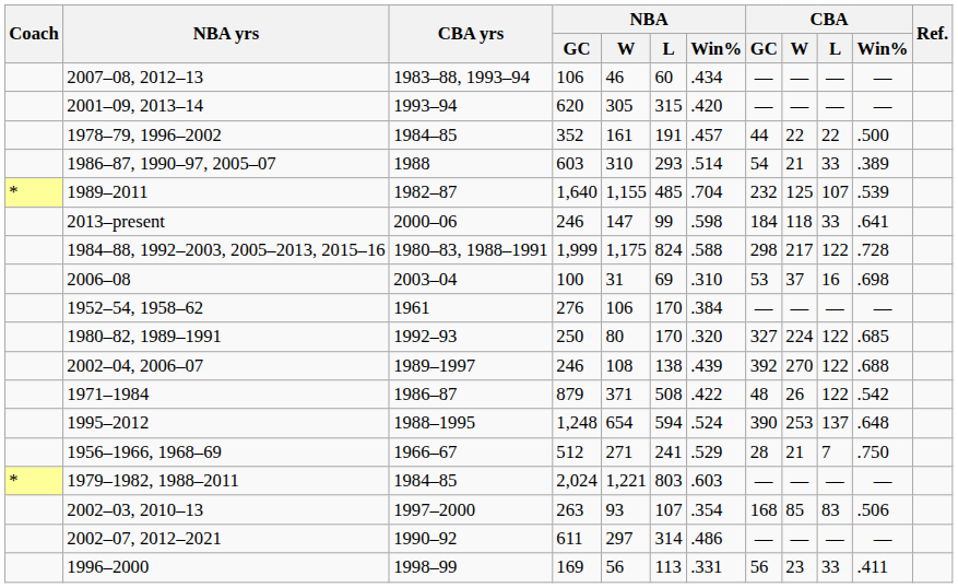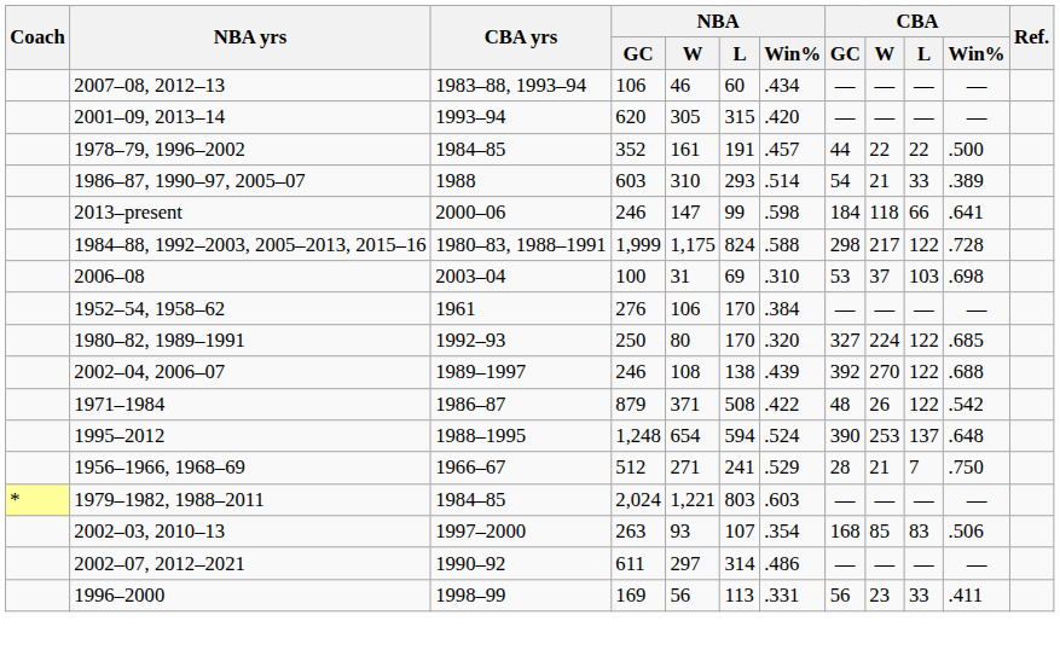 <table class="wikitable sortable">
 <tr>
 <th scope="col" rowspan="2">Coach</th>
 <th scope="col" rowspan="2">NBA yrs</th>
 <th scope="col" rowspan="2">CBA yrs</th>
 <th scope="col" colspan="4">NBA</th>
 <th scope="col" colspan="4">CBA</th>
 <th scope="col" rowspan="2" class="unsortable">Ref.</th>
 </tr>
 <tr>
 <th scope="col">GC</th>
 <th scope="col">W</th>
 <th scope="col">L</th>
 <th scope="col">Win%</th>
 <th scope="col">GC</th>
 <th scope="col">W</th>
 <th scope="col">L</th>
 <th scope="col">Win%</th>
 </tr>
 <tr>
 <td></td>
 <td>2007–08, 2012–13</td>
 <td>1983–88, 1993–94</td>
 <td>106</td>
 <td>46</td>
 <td>60</td>
 <td>.434</td>
 <td data-sort-value="0" style="text-align: center">—</td>
 <td data-sort-value="0" style="text-align: center">—</td>
 <td data-sort-value="0" style="text-align: center">—</td>
 <td data-sort-value=".000" style="text-align: center">—</td>
 <td></td>
 </tr>
 <tr>
 <td></td>
 <td>2001–09, 2013–14</td>
 <td>1993–94</td>
 <td>620</td>
 <td>305</td>
 <td>315</td>
 <td>.420</td>
 <td data-sort-value="0" style="text-align: center">—</td>
 <td data-sort-value="0" style="text-align: center">—</td>
 <td data-sort-value="0" style="text-align: center">—</td>
 <td data-sort-value=".000" style="text-align: center">—</td>
 <td></td>
 </tr>
 <tr>
 <td></td>
 <td>1978–79, 1996–2002</td>
 <td>1984–85</td>
 <td>352</td>
 <td>161</td>
 <td>191</td>
 <td>.457</td>
 <td>44</td>
 <td>22</td>
 <td>22</td>
 <td>.500</td>
 <td></td>
 </tr>
 <tr>
 <td></td>
 <td>1986–87, 1990–97, 2005–07</td>
 <td>1988</td>
 <td>603</td>
 <td>310</td>
 <td>293</td>
 <td>.514</td>
 <td>54</td>
 <td>21</td>
 <td>33</td>
 <td>.389</td>
 <td></td>
 </tr>
 <tr>
-<td style="background-color:#FFFF99;">*</td>
-<td>1989–2011</td>
-<td>1982–87</td>
-<td>1,640</td>
-<td>1,155</td>
-<td>485</td>
-<td>.704</td>
-<td>232</td>
-<td>125</td>
-<td>107</td>
-<td>.539</td>
-<td></td>
-</tr>
-<tr>
 <td></td>
 <td>2013–present</td>
 <td>2000–06</td>
 <td>246</td>
 <td>147</td>
 <td>99</td>
 <td>.598</td>
 <td>184</td>
 <td>118</td>
-<td>33</td>
+<td>66</td>
 <td>.641</td>
 <td></td>
 </tr>
 <tr>
 <td></td>
 <td>1984–88, 1992–2003, 2005–2013, 2015–16</td>
 <td>1980–83, 1988–1991</td>
 <td>1,999</td>
 <td>1,175</td>
 <td>824</td>
 <td>.588</td>
 <td>298</td>
 <td>217</td>
 <td>122</td>
 <td>.728</td>
 <td></td>
 </tr>
 <tr>
 <td></td>
 <td>2006–08</td>
 <td>2003–04</td>
 <td>100</td>
 <td>31</td>
 <td>69</td>
 <td>.310</td>
 <td>53</td>
 <td>37</td>
-<td>16</td>
+<td>103</td>
 <td>.698</td>
 <td></td>
 </tr>
 <tr>
 <td></td>
 <td>1952–54, 1958–62</td>
 <td>1961</td>
 <td>276</td>
 <td>106</td>
 <td>170</td>
 <td>.384</td>
 <td data-sort-value="0" style="text-align: center">—</td>
 <td data-sort-value="0" style="text-align: center">—</td>
 <td data-sort-value="0" style="text-align: center">—</td>
 <td data-sort-value=".000" style="text-align: center">—</td>
 <td></td>
 </tr>
 <tr>
 <td></td>
 <td>1980–82, 1989–1991</td>
 <td>1992–93</td>
 <td>250</td>
 <td>80</td>
 <td>170</td>
 <td>.320</td>
 <td>327</td>
 <td>224</td>
 <td>122</td>
 <td>.685</td>
 <td></td>
 </tr>
 <tr>
 <td></td>
 <td>2002–04, 2006–07</td>
 <td>1989–1997</td>
 <td>246</td>
 <td>108</td>
 <td>138</td>
 <td>.439</td>
 <td>392</td>
 <td>270</td>
 <td>122</td>
 <td>.688</td>
 <td></td>
 </tr>
 <tr>
 <td></td>
 <td>1971–1984</td>
 <td>1986–87</td>
 <td>879</td>
 <td>371</td>
 <td>508</td>
 <td>.422</td>
 <td>48</td>
 <td>26</td>
 <td>122</td>
 <td>.542</td>
 <td></td>
 </tr>
 <tr>
 <td></td>
 <td>1995–2012</td>
 <td>1988–1995</td>
 <td>1,248</td>
 <td>654</td>
 <td>594</td>
 <td>.524</td>
 <td>390</td>
 <td>253</td>
 <td>137</td>
 <td>.648</td>
 <td></td>
 </tr>
 <tr>
 <td></td>
 <td>1956–1966, 1968–69</td>
 <td>1966–67</td>
 <td>512</td>
 <td>271</td>
 <td>241</td>
 <td>.529</td>
 <td>28</td>
 <td>21</td>
 <td>7</td>
 <td>.750</td>
 <td></td>
 </tr>
 <tr>
 <td style="background-color:#FFFF99;">*</td>
 <td>1979–1982, 1988–2011</td>
 <td>1984–85</td>
 <td>2,024</td>
 <td>1,221</td>
 <td>803</td>
 <td>.603</td>
 <td data-sort-value="0" style="text-align: center">—</td>
 <td data-sort-value="0" style="text-align: center">—</td>
 <td data-sort-value="0" style="text-align: center">—</td>
 <td data-sort-value=".000" style="text-align: center">—</td>
 <td></td>
 </tr>
 <tr>
 <td></td>
 <td>2002–03, 2010–13</td>
 <td>1997–2000</td>
 <td>263</td>
 <td>93</td>
 <td>107</td>
 <td>.354</td>
 <td>168</td>
 <td>85</td>
 <td>83</td>
 <td>.506</td>
 <td></td>
 </tr>
 <tr>
 <td></td>
 <td>2002–07, 2012–2021</td>
 <td>1990–92</td>
 <td>611</td>
 <td>297</td>
 <td>314</td>
 <td>.486</td>
 <td data-sort-value="0" style="text-align: center">—</td>
 <td data-sort-value="0" style="text-align: center">—</td>
 <td data-sort-value="0" style="text-align: center">—</td>
 <td data-sort-value=".000" style="text-align: center">—</td>
 <td></td>
 </tr>
 <tr>
 <td></td>
 <td>1996–2000</td>
 <td>1998–99</td>
 <td>169</td>
 <td>56</td>
 <td>113</td>
 <td>.331</td>
 <td>56</td>
 <td>23</td>
 <td>33</td>
 <td>.411</td>
 <td></td>
 </tr>
 </table>
